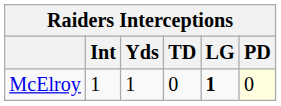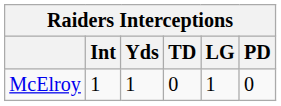 <table class="wikitable">
 <tr>
 <th colspan="6">Raiders Interceptions</th>
 </tr>
 <tr>
 <th></th>
 <th>Int</th>
 <th>Yds</th>
 <th>TD</th>
 <th>LG</th>
 <th>PD</th>
 </tr>
 <tr>
 <td><a href='#'>McElroy</a></td>
 <td>1</td>
 <td>1</td>
 <td>0</td>
-<td><strong>1</strong></td>
-<td style="background: lightyellow;">0</td>
+<td>1</td>
+<td>0</td>
 </tr>
 </table>
